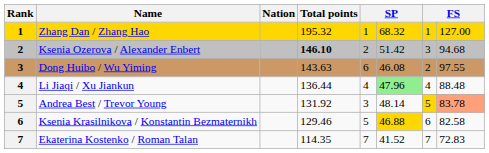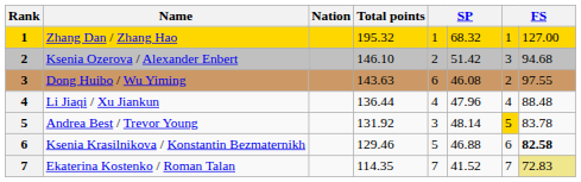 <table class="wikitable">
 <tr>
 <th>Rank</th>
 <th>Name</th>
 <th>Nation</th>
 <th>Total points</th>
 <th colspan="2" width="80px"><a href='#'>SP</a></th>
 <th colspan="2" width="80px"><a href='#'>FS</a></th>
 </tr>
 <tr bgcolor="gold">
 <td align="center"><strong>1</strong></td>
 <td><a href='#'>Zhang Dan</a> / <a href='#'>Zhang Hao</a></td>
 <td></td>
 <td>195.32</td>
 <td>1</td>
 <td>68.32</td>
 <td>1</td>
 <td>127.00</td>
 </tr>
 <tr bgcolor="silver">
 <td align="center"><strong>2</strong></td>
 <td><a href='#'>Ksenia Ozerova</a> / <a href='#'>Alexander Enbert</a></td>
 <td></td>
-<td><strong>146.10</strong></td>
+<td>146.10</td>
 <td>2</td>
 <td>51.42</td>
 <td>3</td>
 <td>94.68</td>
 </tr>
 <tr bgcolor="cc9966">
 <td align="center"><strong>3</strong></td>
 <td><a href='#'>Dong Huibo</a> / <a href='#'>Wu Yiming</a></td>
 <td></td>
 <td>143.63</td>
 <td>6</td>
 <td>46.08</td>
 <td>2</td>
 <td>97.55</td>
 </tr>
 <tr>
 <th>4</th>
 <td><a href='#'>Li Jiaqi</a> / <a href='#'>Xu Jiankun</a></td>
 <td></td>
 <td>136.44</td>
 <td>4</td>
-<td style="background: lightgreen;">47.96</td>
+<td>47.96</td>
 <td>4</td>
 <td>88.48</td>
 </tr>
 <tr>
 <th>5</th>
 <td><a href='#'>Andrea Best</a> / <a href='#'>Trevor Young</a></td>
 <td></td>
 <td>131.92</td>
 <td>3</td>
 <td>48.14</td>
 <td style="background: gold;">5</td>
-<td style="background: lightsalmon;">83.78</td>
+<td>83.78</td>
 </tr>
 <tr>
 <th>6</th>
 <td><a href='#'>Ksenia Krasilnikova</a> / <a href='#'>Konstantin Bezmaternikh</a></td>
 <td></td>
 <td>129.46</td>
 <td>5</td>
-<td style="background: gold;">46.88</td>
+<td>46.88</td>
 <td>6</td>
-<td>82.58</td>
+<td><strong>82.58</strong></td>
 </tr>
 <tr>
 <th>7</th>
 <td><a href='#'>Ekaterina Kostenko</a> / <a href='#'>Roman Talan</a></td>
 <td></td>
 <td>114.35</td>
 <td>7</td>
 <td>41.52</td>
 <td>7</td>
-<td>72.83</td>
+<td style="background: khaki;">72.83</td>
 </tr>
 </table>
